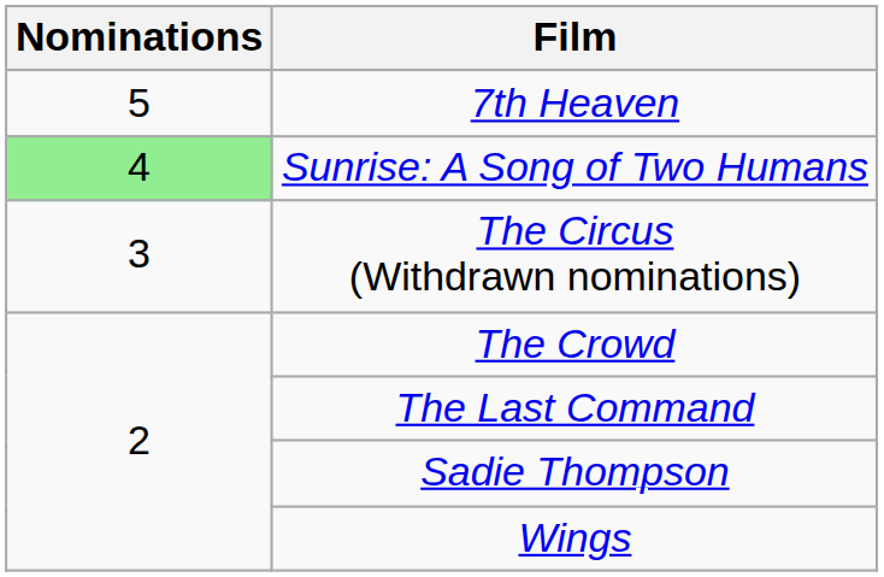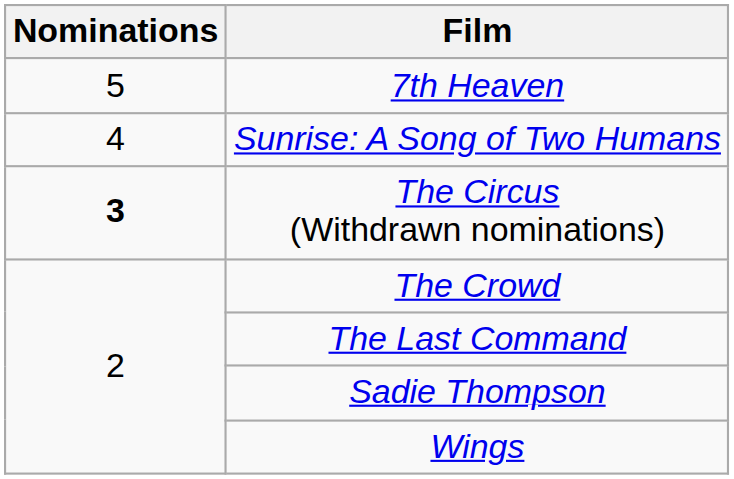 <table class="wikitable" style="text-align: center;">
 <tr>
 <th scope="col" width="55">Nominations</th>
 <th scope="col" align="center">Film</th>
 </tr>
 <tr>
 <td style="text-align: center;">5</td>
 <td><em><a href='#'>7th Heaven</a></em></td>
 </tr>
 <tr>
-<td style="background: lightgreen; text-align: center;">4</td>
+<td style="text-align: center;">4</td>
 <td><em><a href='#'>Sunrise: A Song of Two Humans</a></em></td>
 </tr>
 <tr>
-<td style="text-align: center;">3</td>
+<td style="text-align: center;"><strong>3</strong></td>
 <td><em><a href='#'>The Circus</a></em><br>(Withdrawn nominations)</td>
 </tr>
 <tr>
 <td rowspan=4 style="text-align:center">2</td>
 <td><em><a href='#'>The Crowd</a></em></td>
 </tr>
 <tr>
 <td><em><a href='#'>The Last Command</a></em></td>
 </tr>
 <tr>
 <td><em><a href='#'>Sadie Thompson</a></em></td>
 </tr>
 <tr>
 <td><em><a href='#'>Wings</a></em></td>
 </tr>
 </table>
